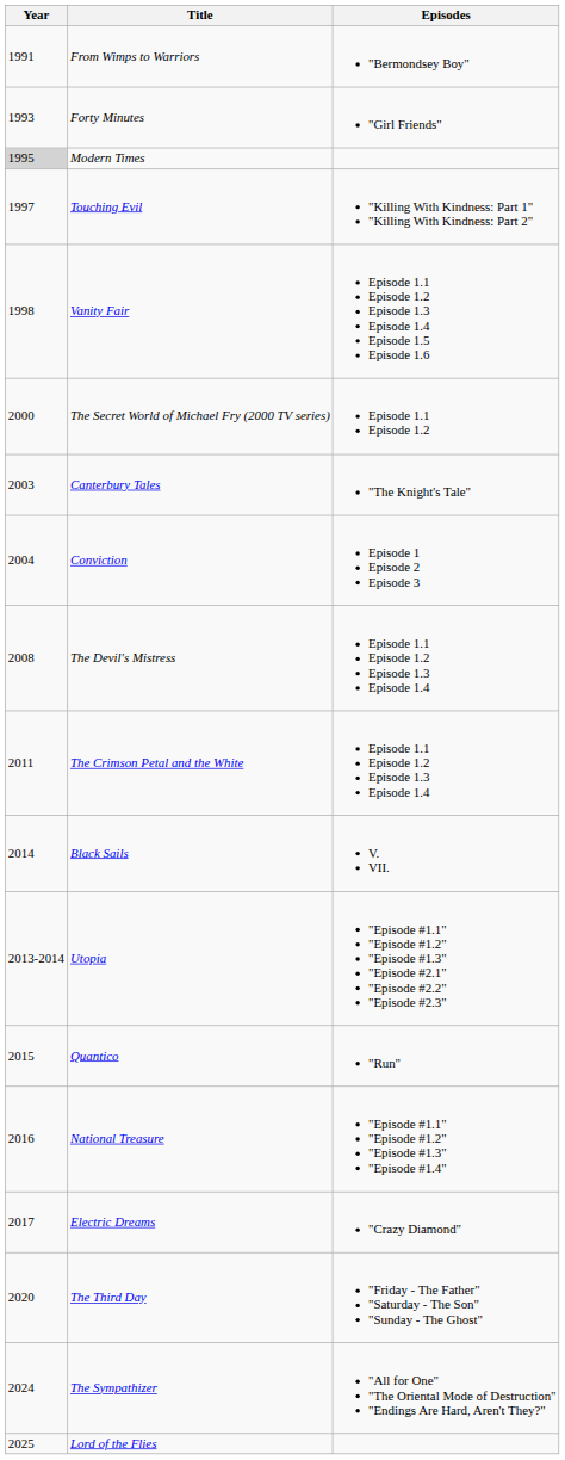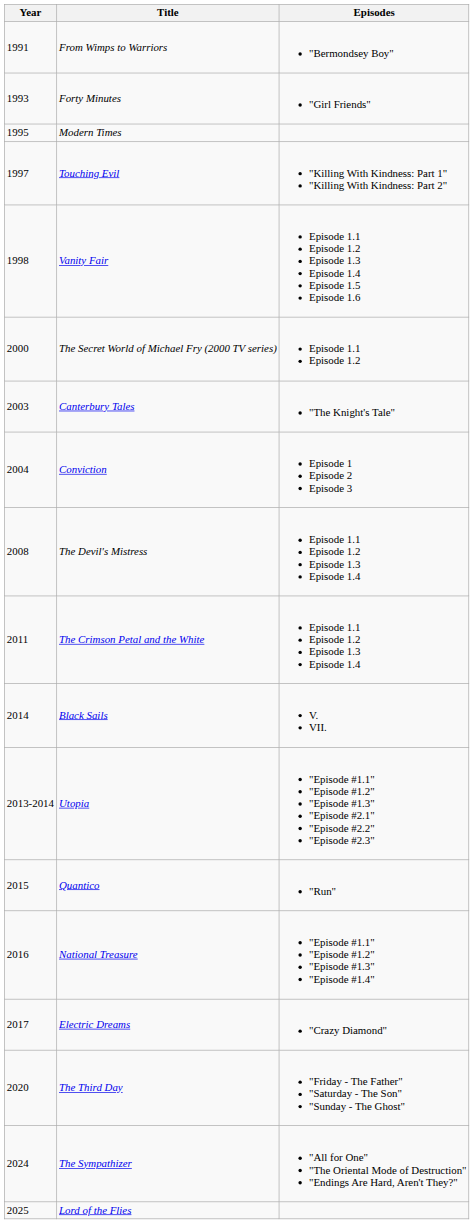 <table class="wikitable">
 <tr>
 <th>Year</th>
 <th>Title</th>
 <th>Episodes</th>
 </tr>
 <tr>
 <td>1991</td>
 <td><em>From Wimps to Warriors</em></td>
 <td><br><ul><li>"Bermondsey Boy"</li></ul></td>
 </tr>
 <tr>
 <td>1993</td>
 <td><em>Forty Minutes</em></td>
 <td><br><ul><li>"Girl Friends"</li></ul></td>
 </tr>
 <tr>
-<td style="background: lightgrey;">1995</td>
+<td>1995</td>
 <td><em>Modern Times</em></td>
 <td></td>
 </tr>
 <tr>
 <td>1997</td>
 <td><em><a href='#'>Touching Evil</a></em></td>
 <td><br><ul><li>"Killing With Kindness: Part 1"</li><li>"Killing With Kindness: Part 2"</li></ul></td>
 </tr>
 <tr>
 <td>1998</td>
 <td><em><a href='#'>Vanity Fair</a></em></td>
 <td><br><ul><li>Episode 1.1</li><li>Episode 1.2</li><li>Episode 1.3</li><li>Episode 1.4</li><li>Episode 1.5</li><li>Episode 1.6</li></ul></td>
 </tr>
 <tr>
 <td>2000</td>
 <td><em>The Secret World of Michael Fry (2000 TV series)</em></td>
 <td><br><ul><li>Episode 1.1</li><li>Episode 1.2</li></ul></td>
 </tr>
 <tr>
 <td>2003</td>
 <td><em><a href='#'>Canterbury Tales</a></em></td>
 <td><br><ul><li>"The Knight's Tale"</li></ul></td>
 </tr>
 <tr>
 <td>2004</td>
 <td><em><a href='#'>Conviction</a></em></td>
 <td><br><ul><li>Episode 1</li><li>Episode 2</li><li>Episode 3</li></ul></td>
 </tr>
 <tr>
 <td>2008</td>
 <td><em>The Devil's Mistress</em></td>
 <td><br><ul><li>Episode 1.1</li><li>Episode 1.2</li><li>Episode 1.3</li><li>Episode 1.4</li></ul></td>
 </tr>
 <tr>
 <td>2011</td>
 <td><em><a href='#'>The Crimson Petal and the White</a></em></td>
 <td><br><ul><li>Episode 1.1</li><li>Episode 1.2</li><li>Episode 1.3</li><li>Episode 1.4</li></ul></td>
 </tr>
 <tr>
 <td>2014</td>
 <td><em><a href='#'>Black Sails</a></em></td>
 <td><br><ul><li>V.</li><li>VII.</li></ul></td>
 </tr>
 <tr>
 <td>2013-2014</td>
 <td><em><a href='#'>Utopia</a></em></td>
 <td><br><ul><li>"Episode #1.1"</li><li>"Episode #1.2"</li><li>"Episode #1.3"</li><li>"Episode #2.1"</li><li>"Episode #2.2"</li><li>"Episode #2.3"</li></ul></td>
 </tr>
 <tr>
 <td>2015</td>
 <td><em><a href='#'>Quantico</a></em></td>
 <td><br><ul><li>"Run"</li></ul></td>
 </tr>
 <tr>
 <td>2016</td>
 <td><em><a href='#'>National Treasure</a></em></td>
 <td><br><ul><li>"Episode #1.1"</li><li>"Episode #1.2"</li><li>"Episode #1.3"</li><li>"Episode #1.4"</li></ul></td>
 </tr>
 <tr>
 <td>2017</td>
 <td><em><a href='#'>Electric Dreams</a></em></td>
 <td><br><ul><li>"Crazy Diamond"</li></ul></td>
 </tr>
 <tr>
 <td>2020</td>
 <td><em><a href='#'>The Third Day</a></em></td>
 <td><br><ul><li>"Friday - The Father"</li><li>"Saturday - The Son"</li><li>"Sunday - The Ghost"</li></ul></td>
 </tr>
 <tr>
 <td>2024</td>
 <td><em><a href='#'>The Sympathizer</a></em></td>
 <td><br><ul><li>"All for One"</li><li>"The Oriental Mode of Destruction"</li><li>"Endings Are Hard, Aren't They?"</li></ul></td>
 </tr>
 <tr>
 <td>2025</td>
 <td><em><a href='#'>Lord of the Flies</a></em></td>
 </tr>
 </table>
